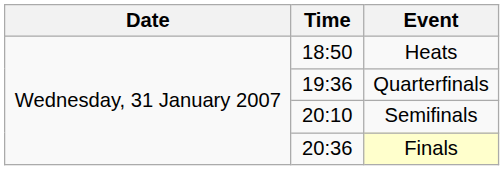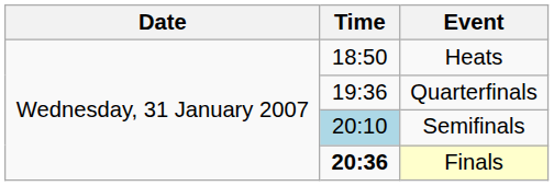 <table class = "wikitable" style="text-align:center;">
 <tr>
 <th width=220>Date</th>
 <th width=50>Time</th>
 <th width=100>Event</th>
 </tr>
 <tr>
 <td rowspan=4>Wednesday, 31 January 2007</td>
 <td>18:50</td>
 <td>Heats</td>
 </tr>
 <tr>
 <td>19:36</td>
 <td>Quarterfinals</td>
 </tr>
 <tr>
-<td>20:10</td>
+<td style="background: lightblue;">20:10</td>
 <td>Semifinals</td>
 </tr>
 <tr>
-<td>20:36</td>
+<td><strong>20:36</strong></td>
 <td bgcolor=ffffcc>Finals</td>
 </tr>
 </table>
